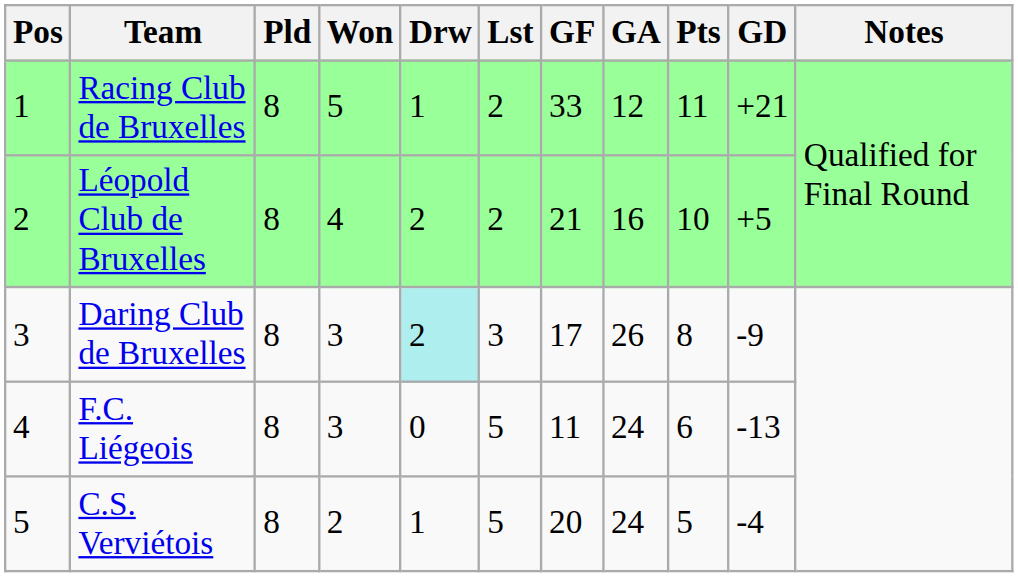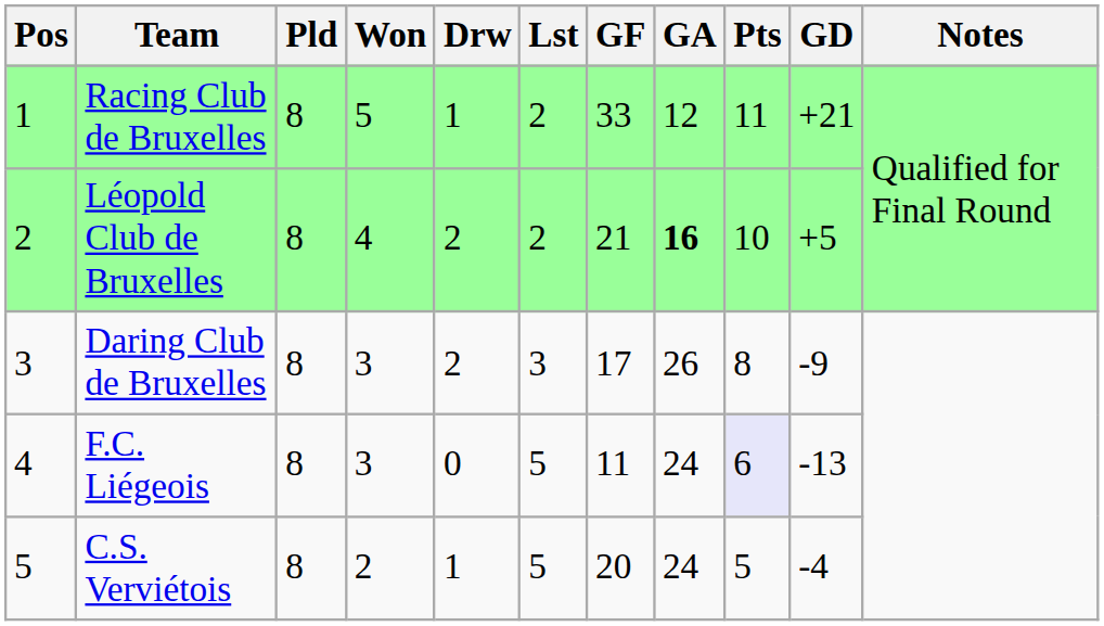 <table class="wikitable" width=70% style="font-size:90%">
 <tr>
 <th width=4%><strong>Pos</strong></th>
 <th width=26%><strong>Team</strong></th>
 <th width=4%><strong>Pld</strong></th>
 <th width=4%><strong>Won</strong></th>
 <th width=4%><strong>Drw</strong></th>
 <th width=4%><strong>Lst</strong></th>
 <th width=4%><strong>GF</strong></th>
 <th width=4%><strong>GA</strong></th>
 <th width=4%><strong>Pts</strong></th>
 <th width=4%><strong>GD</strong></th>
 <th width=38%><strong>Notes</strong></th>
 </tr>
 <tr bgcolor=#99ff99>
 <td>1</td>
 <td align="left"><a href='#'>Racing Club de Bruxelles</a></td>
 <td>8</td>
 <td>5</td>
 <td>1</td>
 <td>2</td>
 <td>33</td>
 <td>12</td>
 <td>11</td>
 <td>+21</td>
 <td rowspan=2>Qualified for Final Round</td>
 </tr>
 <tr bgcolor=#99ff99>
 <td>2</td>
 <td><a href='#'>Léopold Club de Bruxelles</a></td>
 <td>8</td>
 <td>4</td>
 <td>2</td>
 <td>2</td>
 <td>21</td>
-<td>16</td>
+<td><strong>16</strong></td>
 <td>10</td>
 <td>+5</td>
 </tr>
 <tr>
 <td>3</td>
 <td><a href='#'>Daring Club de Bruxelles</a></td>
 <td>8</td>
 <td>3</td>
-<td style="background: paleturquoise;">2</td>
+<td>2</td>
 <td>3</td>
 <td>17</td>
 <td>26</td>
 <td>8</td>
 <td>-9</td>
 </tr>
 <tr>
 <td>4</td>
 <td><a href='#'>F.C. Liégeois</a></td>
 <td>8</td>
 <td>3</td>
 <td>0</td>
 <td>5</td>
 <td>11</td>
 <td>24</td>
-<td>6</td>
+<td style="background: lavender;">6</td>
 <td>-13</td>
 </tr>
 <tr>
 <td>5</td>
 <td><a href='#'>C.S. Verviétois</a></td>
 <td>8</td>
 <td>2</td>
 <td>1</td>
 <td>5</td>
 <td>20</td>
 <td>24</td>
 <td>5</td>
 <td>-4</td>
 </tr>
 </table>
